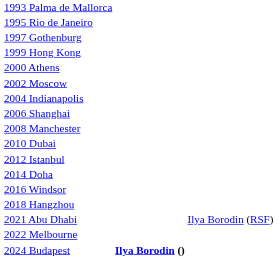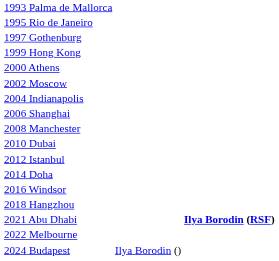 <table>
 <tr>
 <td><a href='#'>1993 Palma de Mallorca</a></td>
 <td></td>
 <td></td>
 <td></td>
 </tr>
 <tr>
 <td><a href='#'>1995 Rio de Janeiro</a></td>
 <td></td>
 <td></td>
 <td></td>
 </tr>
 <tr>
 <td><a href='#'>1997 Gothenburg</a></td>
 <td></td>
 <td></td>
 <td></td>
 </tr>
 <tr>
 <td><a href='#'>1999 Hong Kong</a></td>
 <td></td>
 <td></td>
 <td></td>
 </tr>
 <tr>
 <td><a href='#'>2000 Athens</a></td>
 <td></td>
 <td></td>
 <td></td>
 </tr>
 <tr>
 <td><a href='#'>2002 Moscow</a></td>
 <td></td>
 <td></td>
 <td></td>
 </tr>
 <tr>
 <td><a href='#'>2004 Indianapolis</a></td>
 <td></td>
 <td></td>
 <td></td>
 </tr>
 <tr>
 <td><a href='#'>2006 Shanghai</a></td>
 <td></td>
 <td></td>
 <td></td>
 </tr>
 <tr>
 <td><a href='#'>2008 Manchester</a></td>
 <td></td>
 <td></td>
 <td></td>
 </tr>
 <tr>
 <td><a href='#'>2010 Dubai</a></td>
 <td></td>
 <td></td>
 <td></td>
 </tr>
 <tr>
 <td><a href='#'>2012 Istanbul</a></td>
 <td></td>
 <td></td>
 <td></td>
 </tr>
 <tr>
 <td><a href='#'>2014 Doha</a></td>
 <td></td>
 <td></td>
 <td></td>
 </tr>
 <tr>
 <td><a href='#'>2016 Windsor</a></td>
 <td></td>
 <td></td>
 <td></td>
 </tr>
 <tr>
 <td><a href='#'>2018 Hangzhou</a></td>
 <td></td>
 <td></td>
 <td></td>
 </tr>
 <tr>
 <td><a href='#'>2021 Abu Dhabi</a></td>
 <td></td>
-<td><a href='#'>Ilya Borodin</a> (<a href='#'>RSF</a>)</td>
+<td><strong><a href='#'>Ilya Borodin</a> (<a href='#'>RSF</a>)</strong></td>
 <td></td>
 </tr>
 <tr>
 <td><a href='#'>2022 Melbourne</a></td>
 <td></td>
 <td></td>
 <td></td>
 </tr>
 <tr>
 <td><a href='#'>2024 Budapest</a></td>
-<td><strong> <a href='#'>Ilya Borodin</a> ()</strong></td>
+<td> <a href='#'>Ilya Borodin</a> ()</td>
 <td></td>
 <td></td>
 </tr>
 </table>
